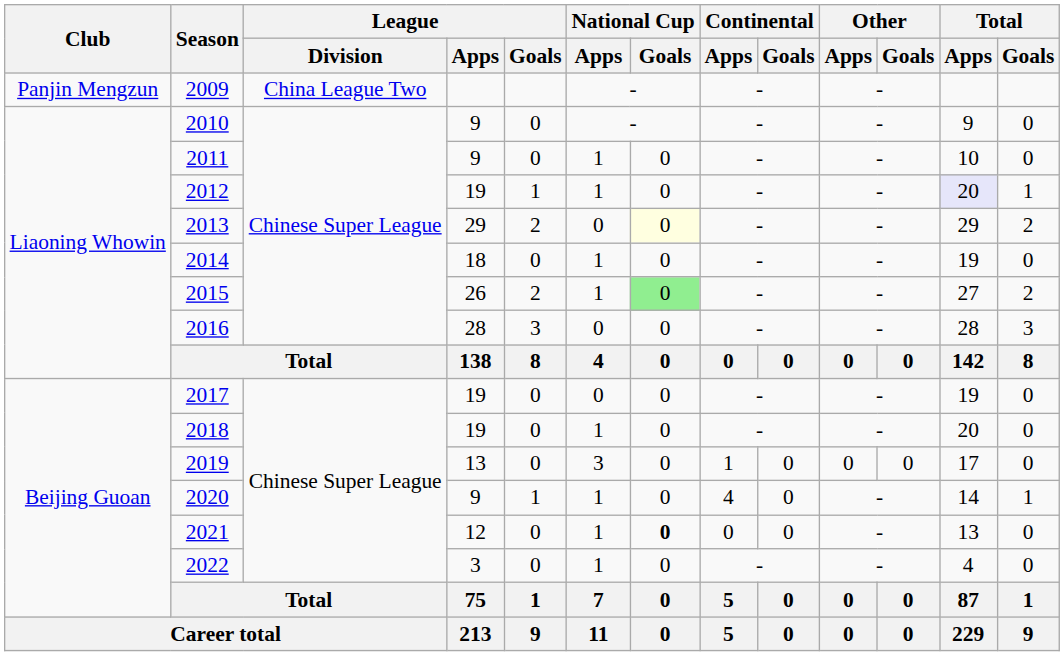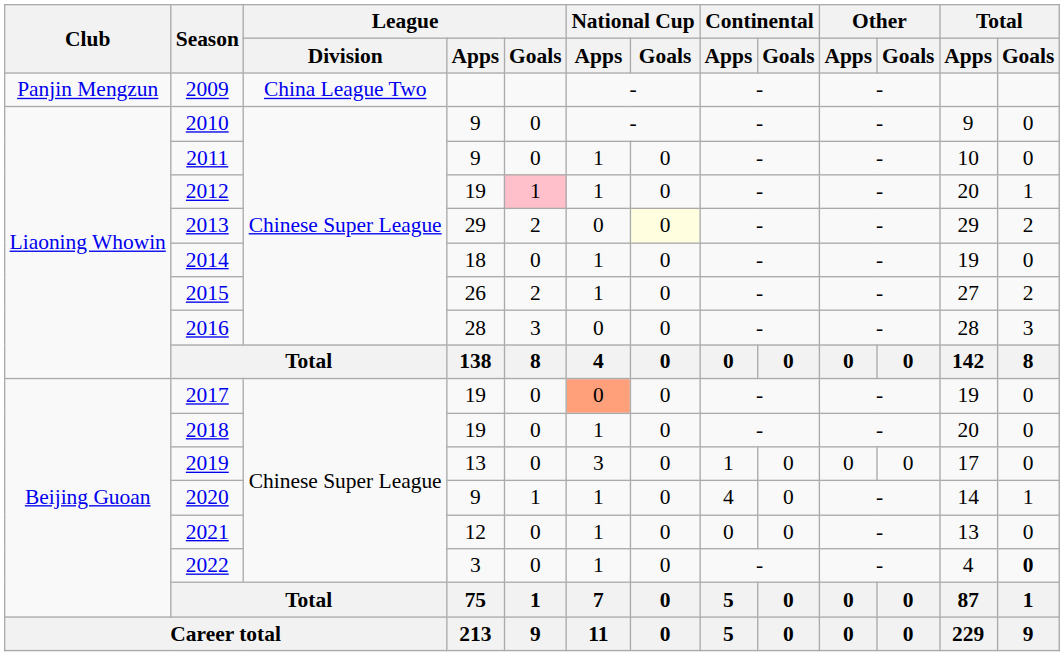 <table class="wikitable" style="text-align: center">
 <tr>
 <th rowspan="2">Club</th>
 <th rowspan="2">Season</th>
 <th colspan="3">League</th>
 <th colspan="2">National Cup</th>
 <th colspan="2">Continental</th>
 <th colspan="2">Other</th>
 <th colspan="2">Total</th>
 </tr>
 <tr>
 <th>Division</th>
 <th>Apps</th>
 <th>Goals</th>
 <th>Apps</th>
 <th>Goals</th>
 <th>Apps</th>
 <th>Goals</th>
 <th>Apps</th>
 <th>Goals</th>
 <th>Apps</th>
 <th>Goals</th>
 </tr>
 <tr>
 <td><a href='#'>Panjin Mengzun</a></td>
 <td><a href='#'>2009</a></td>
 <td><a href='#'>China League Two</a></td>
 <td></td>
 <td></td>
 <td colspan="2">-</td>
 <td colspan="2">-</td>
 <td colspan="2">-</td>
 <td></td>
 <td></td>
 </tr>
 <tr>
 <td rowspan="8"><a href='#'>Liaoning Whowin</a></td>
 <td><a href='#'>2010</a></td>
 <td rowspan="7"><a href='#'>Chinese Super League</a></td>
 <td>9</td>
 <td>0</td>
 <td colspan="2">-</td>
 <td colspan="2">-</td>
 <td colspan="2">-</td>
 <td>9</td>
 <td>0</td>
 </tr>
 <tr>
 <td><a href='#'>2011</a></td>
 <td>9</td>
 <td>0</td>
 <td>1</td>
 <td>0</td>
 <td colspan="2">-</td>
 <td colspan="2">-</td>
 <td>10</td>
 <td>0</td>
 </tr>
 <tr>
 <td><a href='#'>2012</a></td>
 <td>19</td>
-<td>1</td>
+<td style="background: pink;">1</td>
 <td>1</td>
 <td>0</td>
 <td colspan="2">-</td>
 <td colspan="2">-</td>
-<td style="background: lavender;">20</td>
+<td>20</td>
 <td>1</td>
 </tr>
 <tr>
 <td><a href='#'>2013</a></td>
 <td>29</td>
 <td>2</td>
 <td>0</td>
 <td style="background: lightyellow;">0</td>
 <td colspan="2">-</td>
 <td colspan="2">-</td>
 <td>29</td>
 <td>2</td>
 </tr>
 <tr>
 <td><a href='#'>2014</a></td>
 <td>18</td>
 <td>0</td>
 <td>1</td>
 <td>0</td>
 <td colspan="2">-</td>
 <td colspan="2">-</td>
 <td>19</td>
 <td>0</td>
 </tr>
 <tr>
 <td><a href='#'>2015</a></td>
 <td>26</td>
 <td>2</td>
 <td>1</td>
-<td style="background: lightgreen;">0</td>
+<td>0</td>
 <td colspan="2">-</td>
 <td colspan="2">-</td>
 <td>27</td>
 <td>2</td>
 </tr>
 <tr>
 <td><a href='#'>2016</a></td>
 <td>28</td>
 <td>3</td>
 <td>0</td>
 <td>0</td>
 <td colspan="2">-</td>
 <td colspan="2">-</td>
 <td>28</td>
 <td>3</td>
 </tr>
 <tr>
 <th colspan="2"><strong>Total</strong></th>
 <th>138</th>
 <th>8</th>
 <th>4</th>
 <th>0</th>
 <th>0</th>
 <th>0</th>
 <th>0</th>
 <th>0</th>
 <th>142</th>
 <th>8</th>
 </tr>
 <tr>
 <td rowspan="7"><a href='#'>Beijing Guoan</a></td>
 <td><a href='#'>2017</a></td>
 <td rowspan="6">Chinese Super League</td>
 <td>19</td>
 <td>0</td>
-<td>0</td>
+<td style="background: lightsalmon;">0</td>
 <td>0</td>
 <td colspan="2">-</td>
 <td colspan="2">-</td>
 <td>19</td>
 <td>0</td>
 </tr>
 <tr>
 <td><a href='#'>2018</a></td>
 <td>19</td>
 <td>0</td>
 <td>1</td>
 <td>0</td>
 <td colspan="2">-</td>
 <td colspan="2">-</td>
 <td>20</td>
 <td>0</td>
 </tr>
 <tr>
 <td><a href='#'>2019</a></td>
 <td>13</td>
 <td>0</td>
 <td>3</td>
 <td>0</td>
 <td>1</td>
 <td>0</td>
 <td>0</td>
 <td>0</td>
 <td>17</td>
 <td>0</td>
 </tr>
 <tr>
 <td><a href='#'>2020</a></td>
 <td>9</td>
 <td>1</td>
 <td>1</td>
 <td>0</td>
 <td>4</td>
 <td>0</td>
 <td colspan="2">-</td>
 <td>14</td>
 <td>1</td>
 </tr>
 <tr>
 <td><a href='#'>2021</a></td>
 <td>12</td>
 <td>0</td>
 <td>1</td>
-<td><strong>0</strong></td>
+<td>0</td>
 <td>0</td>
 <td>0</td>
 <td colspan="2">-</td>
 <td>13</td>
 <td>0</td>
 </tr>
 <tr>
 <td><a href='#'>2022</a></td>
 <td>3</td>
 <td>0</td>
 <td>1</td>
 <td>0</td>
 <td colspan="2">-</td>
 <td colspan="2">-</td>
 <td>4</td>
-<td>0</td>
+<td><strong>0</strong></td>
 </tr>
 <tr>
 <th colspan="2"><strong>Total</strong></th>
 <th>75</th>
 <th>1</th>
 <th>7</th>
 <th>0</th>
 <th>5</th>
 <th>0</th>
 <th>0</th>
 <th>0</th>
 <th>87</th>
 <th>1</th>
 </tr>
 <tr>
 <th colspan="3">Career total</th>
 <th>213</th>
 <th>9</th>
 <th>11</th>
 <th>0</th>
 <th>5</th>
 <th>0</th>
 <th>0</th>
 <th>0</th>
 <th>229</th>
 <th>9</th>
 </tr>
 </table>
